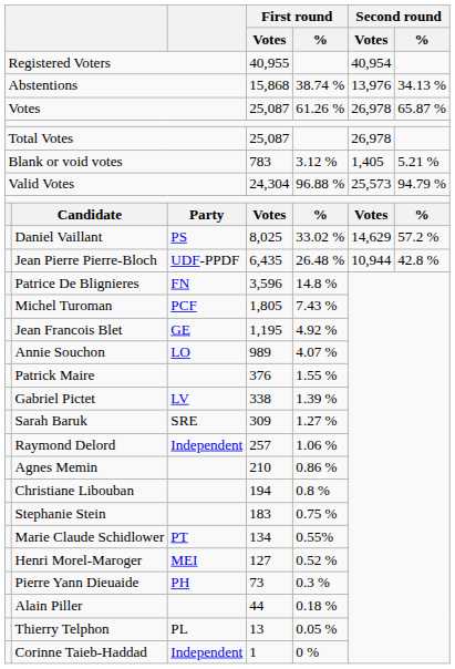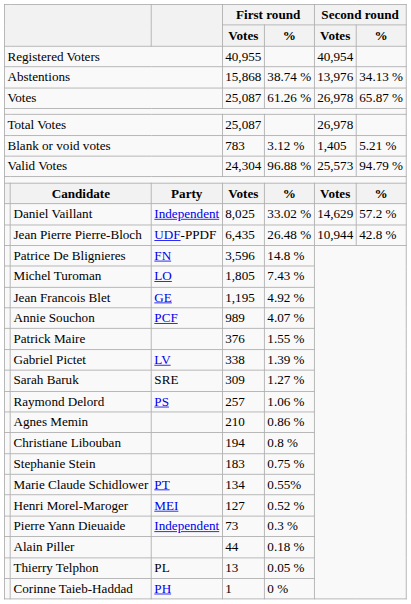 <table class="wikitable">
 <tr>
 <th colspan="2" rowspan="2"></th>
 <th rowspan="2"></th>
 <th colspan="2">First round</th>
 <th colspan="2">Second round</th>
 </tr>
 <tr>
 <th>Votes</th>
 <th>%</th>
 <th>Votes</th>
 <th>%</th>
 </tr>
 <tr>
 <td colspan="3">Registered Voters</td>
 <td>40,955</td>
 <td></td>
 <td>40,954</td>
 <td></td>
 </tr>
 <tr>
 <td colspan="3">Abstentions</td>
 <td>15,868</td>
 <td>38.74 %</td>
 <td>13,976</td>
 <td>34.13 %</td>
 </tr>
 <tr>
 <td colspan="3">Votes</td>
 <td>25,087</td>
 <td>61.26 %</td>
 <td>26,978</td>
 <td>65.87 %</td>
 </tr>
 <tr>
 <td colspan="7"></td>
 </tr>
 <tr>
 <td colspan="3">Total Votes</td>
 <td>25,087</td>
 <td></td>
 <td>26,978</td>
 <td></td>
 </tr>
 <tr>
 <td colspan="3">Blank or void votes</td>
 <td>783</td>
 <td>3.12 %</td>
 <td>1,405</td>
 <td>5.21 %</td>
 </tr>
 <tr>
 <td colspan="3">Valid Votes</td>
 <td>24,304</td>
 <td>96.88 %</td>
 <td>25,573</td>
 <td>94.79 %</td>
 </tr>
 <tr>
 <td colspan="7"></td>
 </tr>
 <tr>
 <th></th>
 <th>Candidate</th>
 <th>Party</th>
 <th>Votes</th>
 <th>%</th>
 <th>Votes</th>
 <th>%</th>
 </tr>
 <tr>
 <td style="background-color: "></td>
 <td>Daniel Vaillant</td>
-<td><a href='#'>PS</a></td>
+<td><a href='#'>Independent</a></td>
 <td>8,025</td>
 <td>33.02 %</td>
 <td>14,629</td>
 <td>57.2 %</td>
 </tr>
 <tr>
 <td style="background-color:"></td>
 <td>Jean Pierre Pierre-Bloch</td>
 <td><a href='#'>UDF</a>-PPDF</td>
 <td>6,435</td>
 <td>26.48 %</td>
 <td>10,944</td>
 <td>42.8 %</td>
 </tr>
 <tr>
 <td style="background-color:"></td>
 <td>Patrice De Blignieres</td>
 <td><a href='#'>FN</a></td>
 <td>3,596</td>
 <td>14.8 %</td>
 </tr>
 <tr>
 <td style="background-color:"></td>
 <td>Michel Turoman</td>
-<td><a href='#'>PCF</a></td>
+<td><a href='#'>LO</a></td>
 <td>1,805</td>
 <td>7.43 %</td>
 </tr>
 <tr>
 <td style="background-color:"></td>
 <td>Jean Francois Blet</td>
 <td><a href='#'>GE</a></td>
 <td>1,195</td>
 <td>4.92 %</td>
 </tr>
 <tr>
 <td style="background-color:"></td>
 <td>Annie Souchon</td>
-<td><a href='#'>LO</a></td>
+<td><a href='#'>PCF</a></td>
 <td>989</td>
 <td>4.07 %</td>
 </tr>
 <tr>
 <td></td>
 <td>Patrick Maire</td>
 <td></td>
 <td>376</td>
 <td>1.55 %</td>
 </tr>
 <tr>
 <td style="background-color:"></td>
 <td>Gabriel Pictet</td>
 <td><a href='#'>LV</a></td>
 <td>338</td>
 <td>1.39 %</td>
 </tr>
 <tr>
 <td></td>
 <td>Sarah Baruk</td>
 <td>SRE</td>
 <td>309</td>
 <td>1.27 %</td>
 </tr>
 <tr>
 <td></td>
 <td>Raymond Delord</td>
-<td><a href='#'>Independent</a></td>
+<td><a href='#'>PS</a></td>
 <td>257</td>
 <td>1.06 %</td>
 </tr>
 <tr>
 <td></td>
 <td>Agnes Memin</td>
 <td></td>
 <td>210</td>
 <td>0.86 %</td>
 </tr>
 <tr>
 <td></td>
 <td>Christiane Libouban</td>
 <td></td>
 <td>194</td>
 <td>0.8 %</td>
 </tr>
 <tr>
 <td></td>
 <td>Stephanie Stein</td>
 <td></td>
 <td>183</td>
 <td>0.75 %</td>
 </tr>
 <tr>
 <td style="background-color:"></td>
 <td>Marie Claude Schidlower</td>
 <td><a href='#'>PT</a></td>
 <td>134</td>
 <td>0.55%</td>
 </tr>
 <tr>
 <td style="background-color:"></td>
 <td>Henri Morel-Maroger</td>
 <td><a href='#'>MEI</a></td>
 <td>127</td>
 <td>0.52 %</td>
 </tr>
 <tr>
 <td style="background-color:"></td>
 <td>Pierre Yann Dieuaide</td>
-<td><a href='#'>PH</a></td>
+<td><a href='#'>Independent</a></td>
 <td>73</td>
 <td>0.3 %</td>
 </tr>
 <tr>
 <td></td>
 <td>Alain Piller</td>
 <td></td>
 <td>44</td>
 <td>0.18 %</td>
 </tr>
 <tr>
 <td></td>
 <td>Thierry Telphon</td>
 <td>PL</td>
 <td>13</td>
 <td>0.05 %</td>
 </tr>
 <tr>
 <td></td>
 <td>Corinne Taieb-Haddad</td>
-<td><a href='#'>Independent</a></td>
+<td><a href='#'>PH</a></td>
 <td>1</td>
 <td>0 %</td>
 </tr>
 </table>
